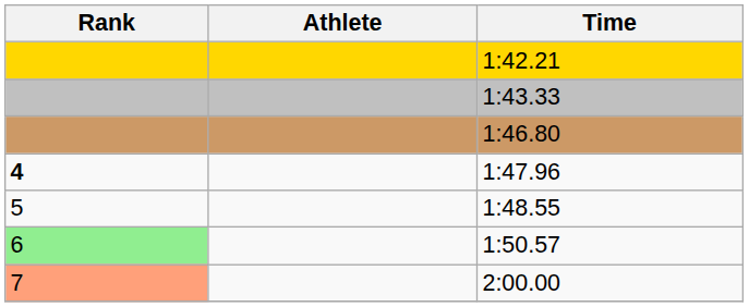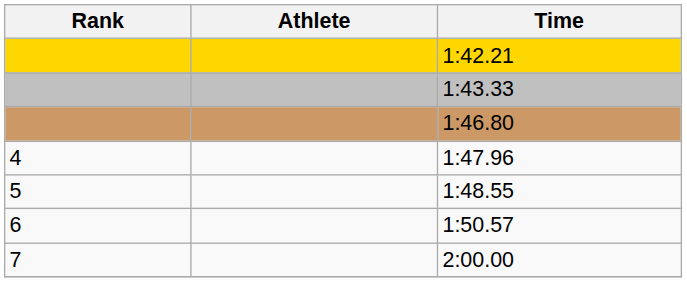 <table class="wikitable" width=40%>
 <tr>
 <th>Rank</th>
 <th>Athlete</th>
 <th>Time</th>
 </tr>
 <tr bgcolor=gold>
 <td></td>
 <td></td>
 <td>1:42.21</td>
 </tr>
 <tr bgcolor=silver>
 <td></td>
 <td></td>
 <td>1:43.33</td>
 </tr>
 <tr bgcolor=cc9966>
 <td></td>
 <td></td>
 <td>1:46.80</td>
 </tr>
 <tr>
-<td><strong>4</strong></td>
+<td>4</td>
 <td></td>
 <td>1:47.96</td>
 </tr>
 <tr>
 <td>5</td>
 <td></td>
 <td>1:48.55</td>
 </tr>
 <tr>
-<td style="background: lightgreen;">6</td>
+<td>6</td>
 <td></td>
 <td>1:50.57</td>
 </tr>
 <tr>
-<td style="background: lightsalmon;">7</td>
+<td>7</td>
 <td></td>
 <td>2:00.00</td>
 </tr>
 <tr>
 </tr>
 </table>
